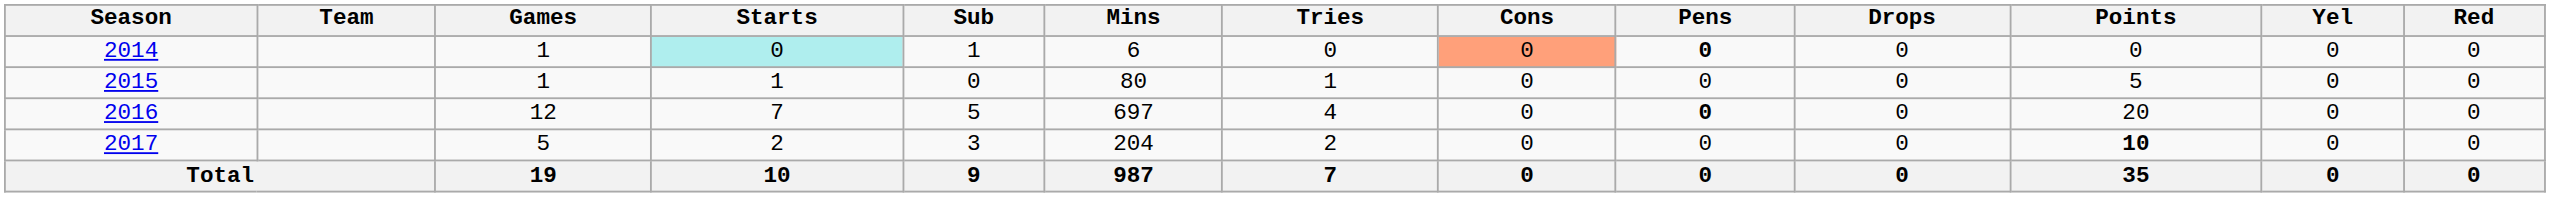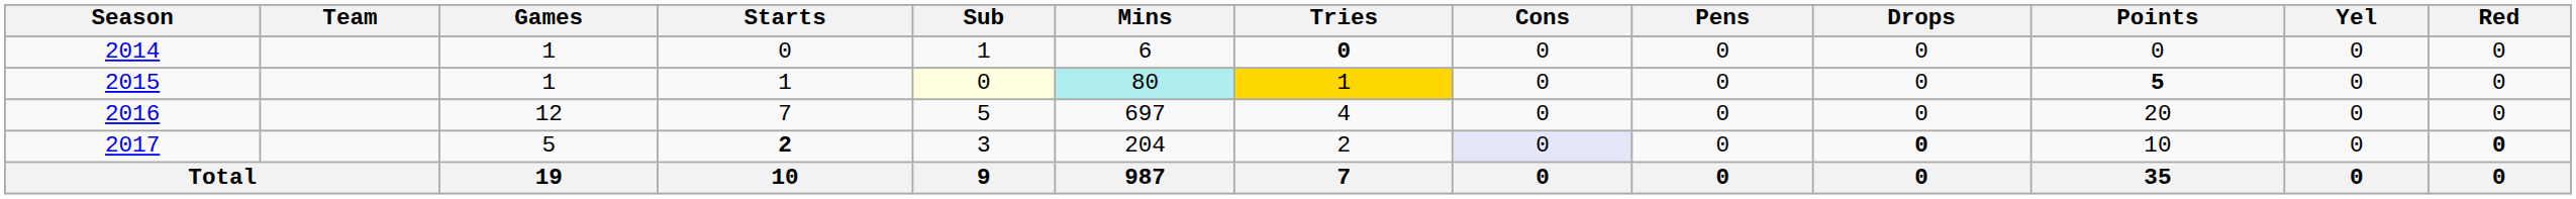 <table class="wikitable" style="text-align:center; line-height:90%; font-size:95%; width:70%;">
 <tr>
 <th>Season</th>
 <th>Team</th>
 <th>Games</th>
 <th>Starts</th>
 <th>Sub</th>
 <th>Mins</th>
 <th>Tries</th>
 <th>Cons</th>
 <th>Pens</th>
 <th>Drops</th>
 <th>Points</th>
 <th>Yel</th>
 <th>Red</th>
 </tr>
 <tr>
 <td><a href='#'>2014</a></td>
 <td></td>
 <td>1</td>
-<td style="background: paleturquoise;">0</td>
+<td>0</td>
 <td>1</td>
 <td>6</td>
+<td><strong>0</strong></td>
 <td>0</td>
-<td style="background: lightsalmon;">0</td>
-<td><strong>0</strong></td>
+<td>0</td>
 <td>0</td>
 <td>0</td>
 <td>0</td>
 <td>0</td>
 </tr>
 <tr>
 <td><a href='#'>2015</a></td>
 <td></td>
 <td>1</td>
 <td>1</td>
-<td>0</td>
-<td>80</td>
-<td>1</td>
+<td style="background: lightyellow;">0</td>
+<td style="background: paleturquoise;">80</td>
+<td style="background: gold;">1</td>
 <td>0</td>
 <td>0</td>
 <td>0</td>
-<td>5</td>
+<td><strong>5</strong></td>
 <td>0</td>
 <td>0</td>
 </tr>
 <tr>
 <td><a href='#'>2016</a></td>
 <td></td>
 <td>12</td>
 <td>7</td>
 <td>5</td>
 <td>697</td>
 <td>4</td>
 <td>0</td>
-<td><strong>0</strong></td>
+<td>0</td>
 <td>0</td>
 <td>20</td>
 <td>0</td>
 <td>0</td>
 </tr>
 <tr>
 <td><a href='#'>2017</a></td>
 <td></td>
 <td>5</td>
-<td>2</td>
+<td><strong>2</strong></td>
 <td>3</td>
 <td>204</td>
 <td>2</td>
+<td style="background: lavender;">0</td>
 <td>0</td>
+<td><strong>0</strong></td>
+<td>10</td>
 <td>0</td>
-<td>0</td>
-<td><strong>10</strong></td>
-<td>0</td>
-<td>0</td>
+<td><strong>0</strong></td>
 </tr>
 <tr>
 <th colspan="2">Total</th>
 <th>19</th>
 <th>10</th>
 <th>9</th>
 <th>987</th>
 <th>7</th>
 <th>0</th>
 <th>0</th>
 <th>0</th>
 <th>35</th>
 <th>0</th>
 <th>0</th>
 </tr>
 </table>
